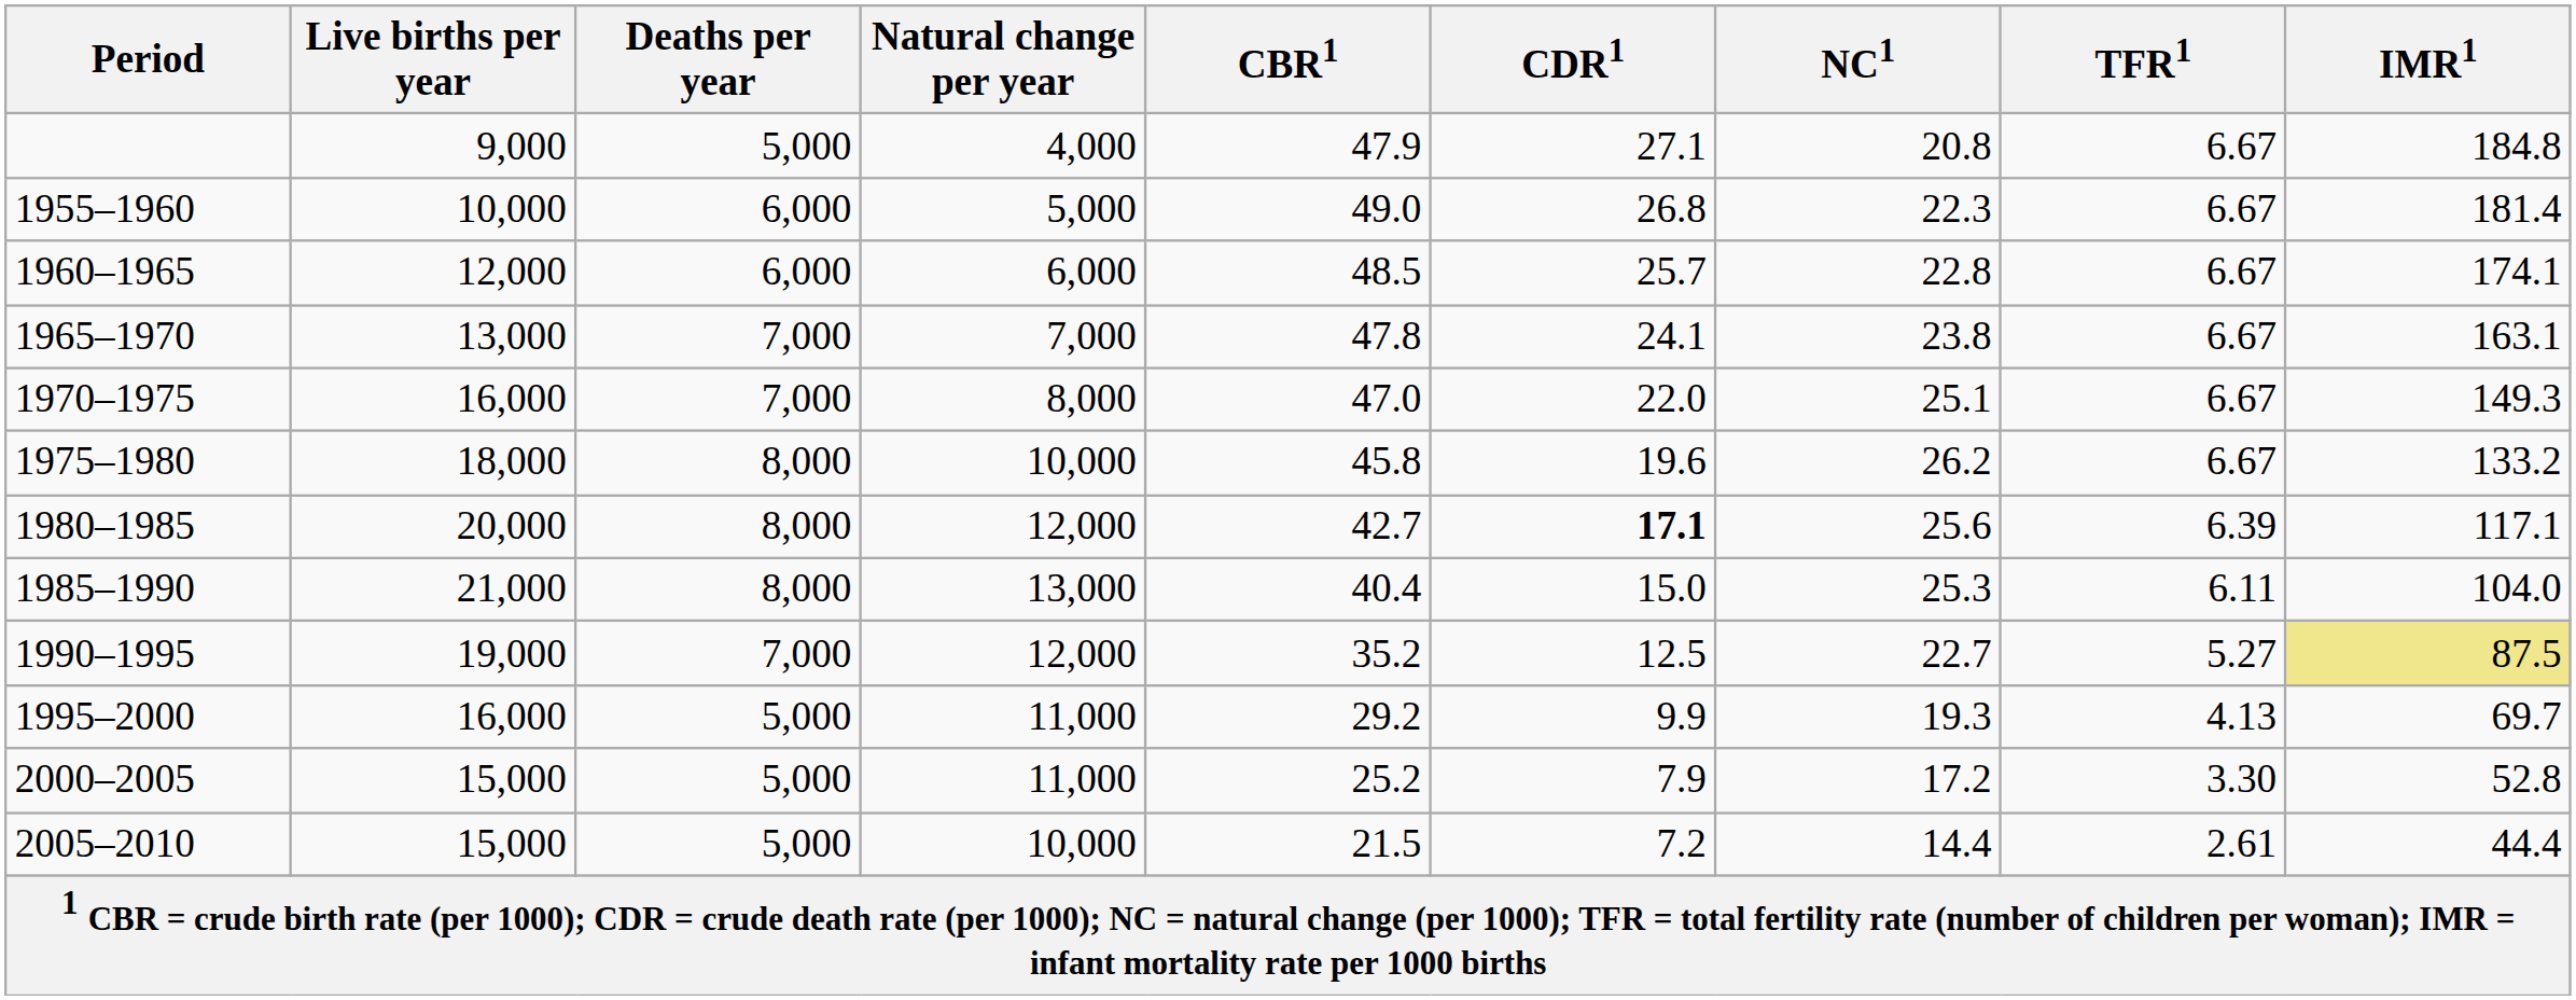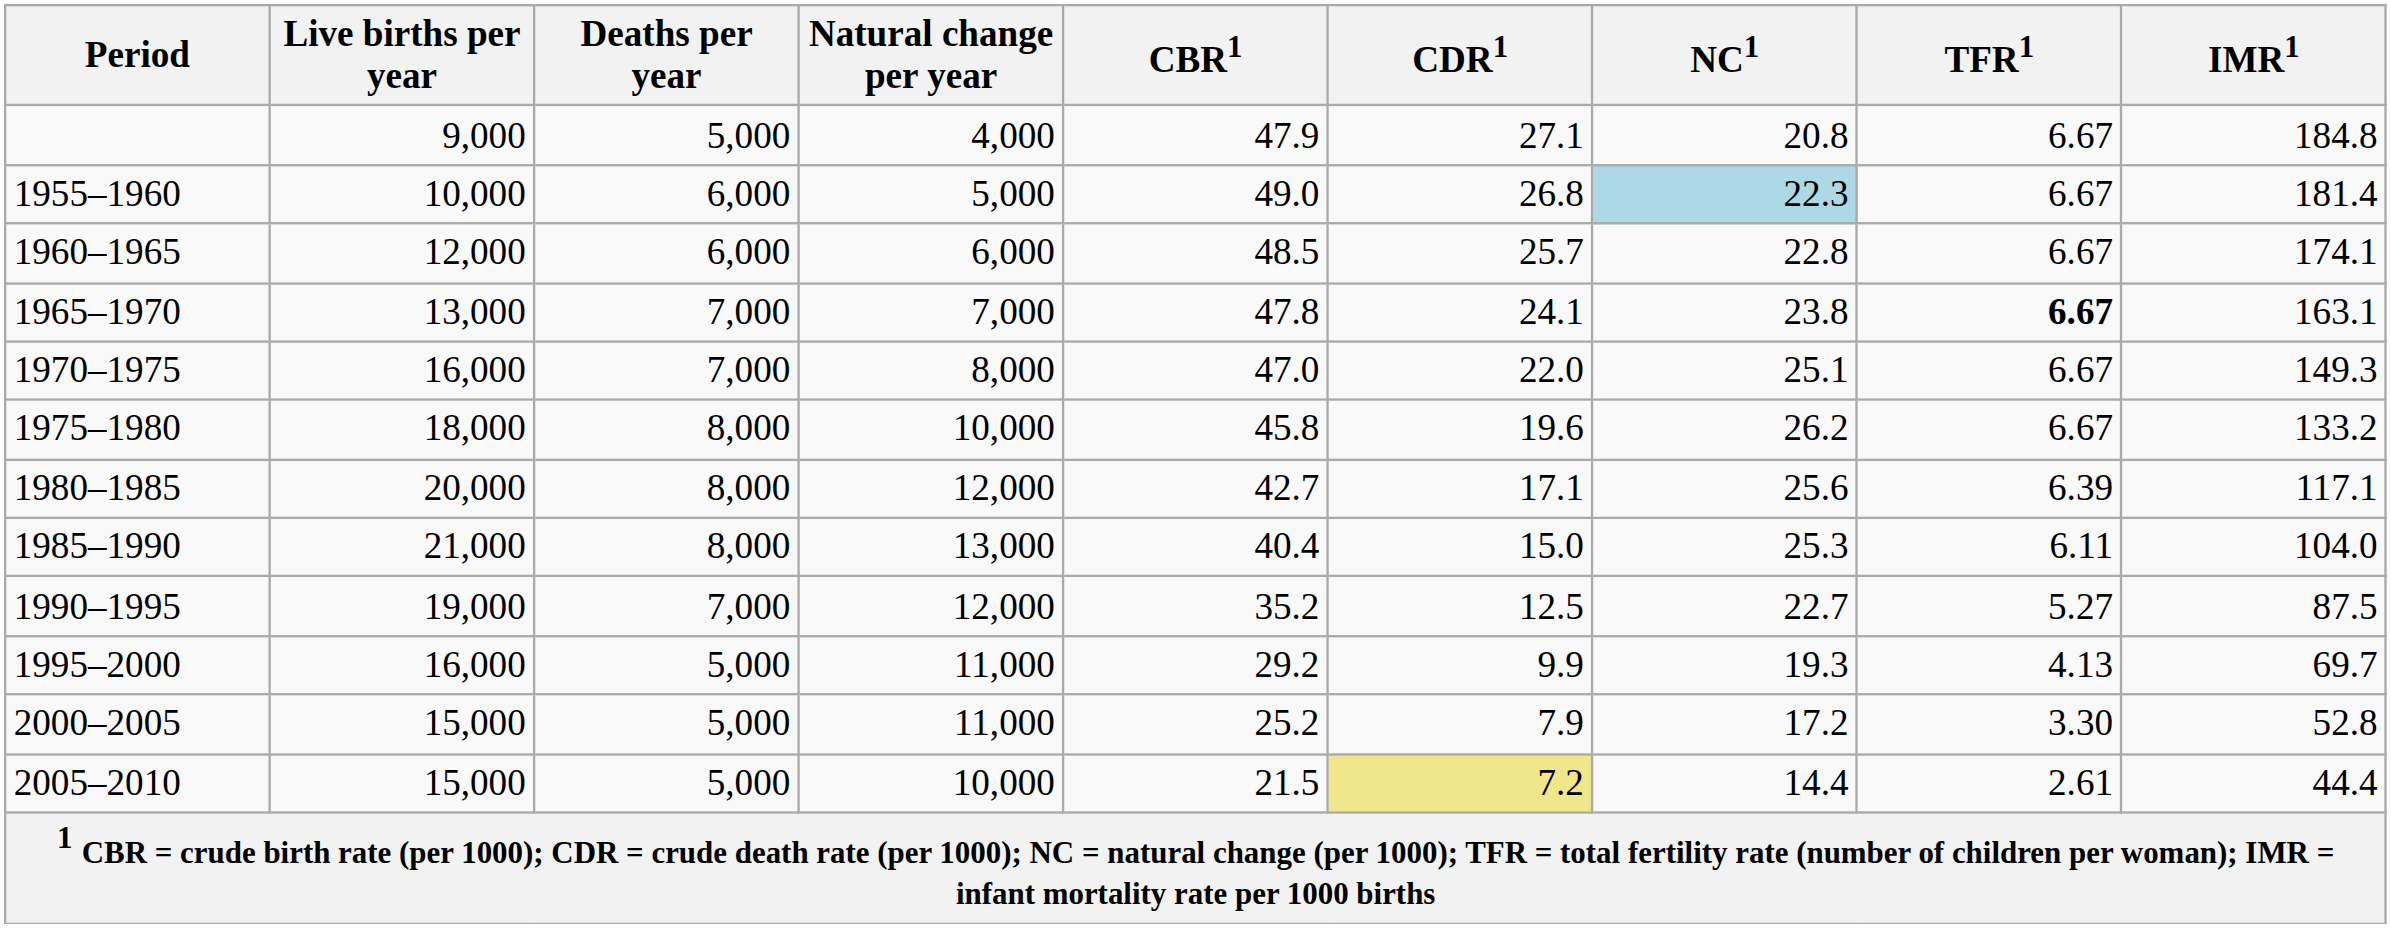 <table class="wikitable sortable static-row-numbers static-row-header-text">
 <tr>
 <th style="width:80pt;">Period</th>
 <th style="width:80pt;">Live births per year</th>
 <th style="width:80pt;">Deaths per year</th>
 <th style="width:80pt;">Natural change per year</th>
 <th style="width:80pt;">CBR<sup>1</sup></th>
 <th style="width:80pt;">CDR<sup>1</sup></th>
 <th style="width:80pt;">NC<sup>1</sup></th>
 <th style="width:80pt;">TFR<sup>1</sup></th>
 <th style="width:80pt;">IMR<sup>1</sup></th>
 </tr>
 <tr>
 <td></td>
 <td style="text-align:right;">9,000</td>
 <td style="text-align:right;">5,000</td>
 <td style="text-align:right;">4,000</td>
 <td style="text-align:right;">47.9</td>
 <td style="text-align:right;">27.1</td>
 <td style="text-align:right;">20.8</td>
 <td style="text-align:right;">6.67</td>
 <td style="text-align:right;">184.8</td>
 </tr>
 <tr>
 <td>1955–1960</td>
 <td style="text-align:right;">10,000</td>
 <td style="text-align:right;">6,000</td>
 <td style="text-align:right;">5,000</td>
 <td style="text-align:right;">49.0</td>
 <td style="text-align:right;">26.8</td>
-<td style="text-align:right;">22.3</td>
+<td style="background: lightblue; text-align:right;">22.3</td>
 <td style="text-align:right;">6.67</td>
 <td style="text-align:right;">181.4</td>
 </tr>
 <tr>
 <td>1960–1965</td>
 <td style="text-align:right;">12,000</td>
 <td style="text-align:right;">6,000</td>
 <td style="text-align:right;">6,000</td>
 <td style="text-align:right;">48.5</td>
 <td style="text-align:right;">25.7</td>
 <td style="text-align:right;">22.8</td>
 <td style="text-align:right;">6.67</td>
 <td style="text-align:right;">174.1</td>
 </tr>
 <tr>
 <td>1965–1970</td>
 <td style="text-align:right;">13,000</td>
 <td style="text-align:right;">7,000</td>
 <td style="text-align:right;">7,000</td>
 <td style="text-align:right;">47.8</td>
 <td style="text-align:right;">24.1</td>
 <td style="text-align:right;">23.8</td>
-<td style="text-align:right;">6.67</td>
+<td style="text-align:right;"><strong>6.67</strong></td>
 <td style="text-align:right;">163.1</td>
 </tr>
 <tr>
 <td>1970–1975</td>
 <td style="text-align:right;">16,000</td>
 <td style="text-align:right;">7,000</td>
 <td style="text-align:right;">8,000</td>
 <td style="text-align:right;">47.0</td>
 <td style="text-align:right;">22.0</td>
 <td style="text-align:right;">25.1</td>
 <td style="text-align:right;">6.67</td>
 <td style="text-align:right;">149.3</td>
 </tr>
 <tr>
 <td>1975–1980</td>
 <td style="text-align:right;">18,000</td>
 <td style="text-align:right;">8,000</td>
 <td style="text-align:right;">10,000</td>
 <td style="text-align:right;">45.8</td>
 <td style="text-align:right;">19.6</td>
 <td style="text-align:right;">26.2</td>
 <td style="text-align:right;">6.67</td>
 <td style="text-align:right;">133.2</td>
 </tr>
 <tr>
 <td>1980–1985</td>
 <td style="text-align:right;">20,000</td>
 <td style="text-align:right;">8,000</td>
 <td style="text-align:right;">12,000</td>
 <td style="text-align:right;">42.7</td>
-<td style="text-align:right;"><strong>17.1</strong></td>
+<td style="text-align:right;">17.1</td>
 <td style="text-align:right;">25.6</td>
 <td style="text-align:right;">6.39</td>
 <td style="text-align:right;">117.1</td>
 </tr>
 <tr>
 <td>1985–1990</td>
 <td style="text-align:right;">21,000</td>
 <td style="text-align:right;">8,000</td>
 <td style="text-align:right;">13,000</td>
 <td style="text-align:right;">40.4</td>
 <td style="text-align:right;">15.0</td>
 <td style="text-align:right;">25.3</td>
 <td style="text-align:right;">6.11</td>
 <td style="text-align:right;">104.0</td>
 </tr>
 <tr>
 <td>1990–1995</td>
 <td style="text-align:right;">19,000</td>
 <td style="text-align:right;">7,000</td>
 <td style="text-align:right;">12,000</td>
 <td style="text-align:right;">35.2</td>
 <td style="text-align:right;">12.5</td>
 <td style="text-align:right;">22.7</td>
 <td style="text-align:right;">5.27</td>
-<td style="background: khaki; text-align:right;">87.5</td>
+<td style="text-align:right;">87.5</td>
 </tr>
 <tr>
 <td>1995–2000</td>
 <td style="text-align:right;">16,000</td>
 <td style="text-align:right;">5,000</td>
 <td style="text-align:right;">11,000</td>
 <td style="text-align:right;">29.2</td>
 <td style="text-align:right;">9.9</td>
 <td style="text-align:right;">19.3</td>
 <td style="text-align:right;">4.13</td>
 <td style="text-align:right;">69.7</td>
 </tr>
 <tr>
 <td>2000–2005</td>
 <td style="text-align:right;">15,000</td>
 <td style="text-align:right;">5,000</td>
 <td style="text-align:right;">11,000</td>
 <td style="text-align:right;">25.2</td>
 <td style="text-align:right;">7.9</td>
 <td style="text-align:right;">17.2</td>
 <td style="text-align:right;">3.30</td>
 <td style="text-align:right;">52.8</td>
 </tr>
 <tr>
 <td>2005–2010</td>
 <td style="text-align:right;">15,000</td>
 <td style="text-align:right;">5,000</td>
 <td style="text-align:right;">10,000</td>
 <td style="text-align:right;">21.5</td>
-<td style="text-align:right;">7.2</td>
+<td style="background: khaki; text-align:right;">7.2</td>
 <td style="text-align:right;">14.4</td>
 <td style="text-align:right;">2.61</td>
 <td style="text-align:right;">44.4</td>
 </tr>
 <tr>
 <th colspan="9"><sup>1</sup> <small>CBR = crude birth rate (per 1000); CDR = crude death rate (per 1000); NC = natural change (per 1000); TFR = total fertility rate (number of children per woman); IMR = infant mortality rate per 1000 births</small></th>
 </tr>
 </table>
